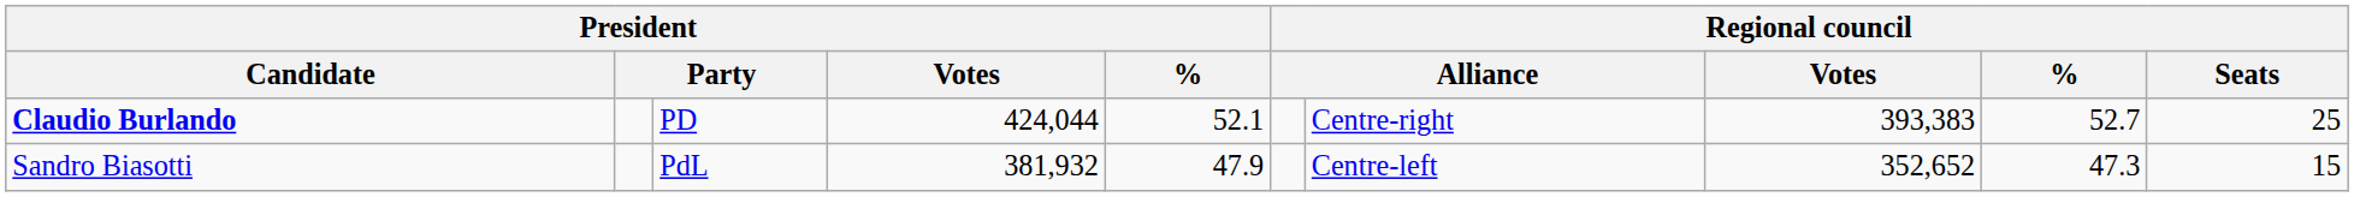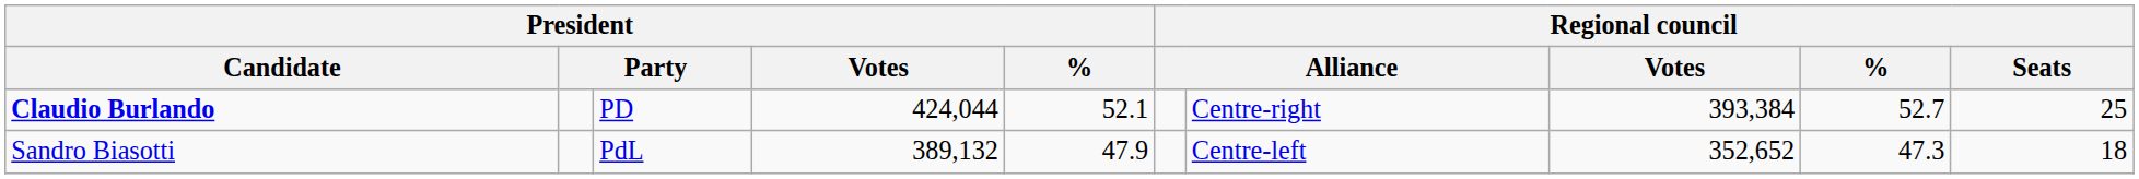 <table class="wikitable" style="text-align:right; style="width=65%">
 <tr>
 <th colspan="5">President</th>
 <th colspan="7">Regional council</th>
 </tr>
 <tr>
 <th>Candidate</th>
 <th colspan="2">Party</th>
 <th>Votes</th>
 <th>%</th>
 <th colspan="2">Alliance</th>
 <th>Votes</th>
 <th>%</th>
 <th>Seats</th>
 </tr>
 <tr>
 <td style="text-align:left"><strong><a href='#'>Claudio Burlando</a></strong></td>
 <td></td>
 <td style="text-align:left"><a href='#'>PD</a></td>
 <td>424,044</td>
 <td>52.1</td>
 <td></td>
 <td style="text-align:left"><a href='#'>Centre-right</a></td>
-<td>393,383</td>
+<td>393,384</td>
 <td>52.7</td>
 <td>25</td>
 </tr>
 <tr>
 <td style="text-align:left"><a href='#'>Sandro Biasotti</a></td>
 <td></td>
 <td style="text-align:left"><a href='#'>PdL</a></td>
-<td>381,932</td>
+<td>389,132</td>
 <td>47.9</td>
 <td></td>
 <td style="text-align:left"><a href='#'>Centre-left</a></td>
 <td>352,652</td>
 <td>47.3</td>
-<td>15</td>
+<td>18</td>
 </tr>
 </table>
